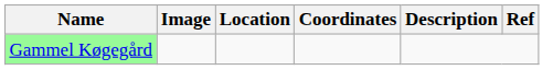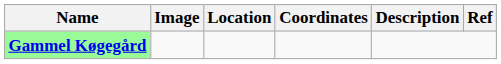 <table class="wikitable">
 <tr>
 <th>Name</th>
 <th>Image</th>
 <th>Location</th>
 <th>Coordinates</th>
 <th>Description</th>
 <th>Ref</th>
 </tr>
 <tr>
-<td bgcolor=98fb98><a href='#'>Gammel Køgegård</a></td>
+<td bgcolor=98fb98><strong><a href='#'>Gammel Køgegård</a></strong></td>
 <td></td>
 <td '></td>
 <td></td>
 </tr>
 </table>
